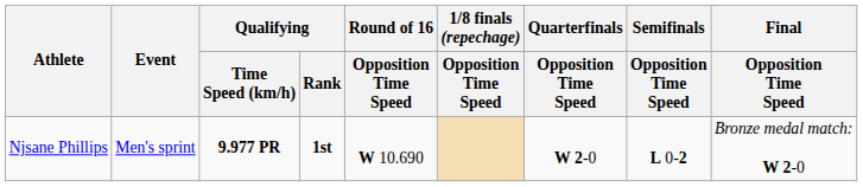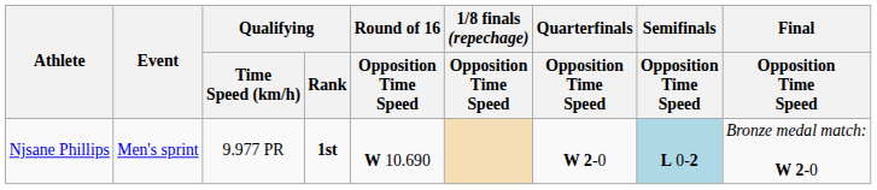 <table class="wikitable" border="1" style="font-size:90%">
 <tr>
 <th rowspan=2>Athlete</th>
 <th rowspan=2>Event</th>
 <th colspan=2>Qualifying</th>
 <th>Round of 16</th>
 <th>1/8 finals<br><em>(repechage)</em></th>
 <th>Quarterfinals</th>
 <th>Semifinals</th>
 <th>Final</th>
 </tr>
 <tr>
 <th>Time<br>Speed (km/h)</th>
 <th>Rank</th>
 <th>Opposition<br>Time<br>Speed</th>
 <th>Opposition<br>Time<br>Speed</th>
 <th>Opposition<br>Time<br>Speed</th>
 <th>Opposition<br>Time<br>Speed</th>
 <th>Opposition<br>Time<br>Speed</th>
 </tr>
 <tr>
 <td><a href='#'>Njsane Phillips</a></td>
 <td><a href='#'>Men's sprint</a></td>
-<td align=center><strong>9.977 PR</strong></td>
+<td align=center>9.977 PR</td>
 <td align=center><strong>1st</strong></td>
 <td align=center><br><strong>W</strong> 10.690</td>
 <td align=center bgcolor=wheat></td>
 <td align=center><br><strong>W</strong> <strong>2</strong>-0</td>
-<td align=center><br><strong>L</strong> 0-<strong>2</strong></td>
+<td align=center style="background: lightblue;"><br><strong>L</strong> 0-<strong>2</strong></td>
 <td align=center><em>Bronze medal match:</em><br><br><strong>W</strong> <strong>2</strong>-0<br></td>
 </tr>
 </table>
